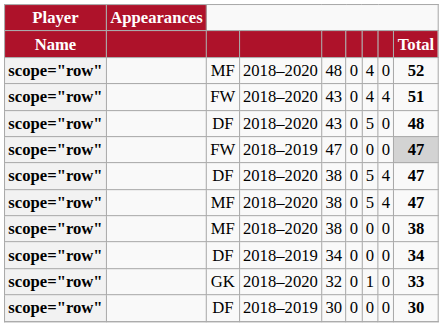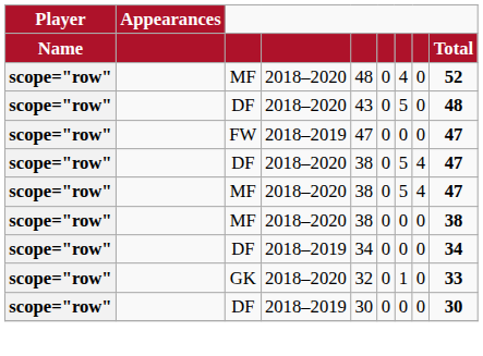 <table class="wikitable sortable" style="text-align:center;">
 <tr>
 <th style="background:#AE122A; color:#FFF; ">Player</th>
 <th style="background:#AE122A; color:#FFF; ">Appearances</th>
 </tr>
 <tr>
 <th style="background:#AE122A; color:#FFF; ">Name</th>
 <th style="background:#AE122A; color:#FFF; "></th>
 <th style="background:#AE122A; color:#FFF; "></th>
 <th style="background:#AE122A; color:#FFF; "></th>
 <th style="background:#AE122A; color:#FFF; "></th>
 <th style="background:#AE122A; color:#FFF; "></th>
 <th style="background:#AE122A; color:#FFF; "></th>
 <th style="background:#AE122A; color:#FFF; "></th>
 <th style="background:#AE122A; color:#FFF; ">Total</th>
 </tr>
 <tr>
 <th>scope="row" </th>
 <td></td>
 <td>MF</td>
 <td>2018–2020</td>
 <td>48</td>
 <td>0</td>
 <td>4</td>
 <td>0</td>
 <td><strong>52</strong></td>
 </tr>
 <tr>
 <th>scope="row" </th>
 <td></td>
-<td>FW</td>
-<td>2018–2020</td>
-<td>43</td>
-<td>0</td>
-<td>4</td>
-<td>4</td>
-<td><strong>51</strong></td>
-</tr>
-<tr>
-<th>scope="row" </th>
-<td></td>
 <td>DF</td>
 <td>2018–2020</td>
 <td>43</td>
 <td>0</td>
 <td>5</td>
 <td>0</td>
 <td><strong>48</strong></td>
 </tr>
 <tr>
 <th>scope="row" </th>
 <td></td>
 <td>FW</td>
 <td>2018–2019</td>
 <td>47</td>
 <td>0</td>
 <td>0</td>
 <td>0</td>
-<td style="background: lightgrey;"><strong>47</strong></td>
+<td><strong>47</strong></td>
 </tr>
 <tr>
 <th>scope="row" </th>
 <td></td>
 <td>DF</td>
 <td>2018–2020</td>
 <td>38</td>
 <td>0</td>
 <td>5</td>
 <td>4</td>
 <td><strong>47</strong></td>
 </tr>
 <tr>
 <th>scope="row" </th>
 <td></td>
 <td>MF</td>
 <td>2018–2020</td>
 <td>38</td>
 <td>0</td>
 <td>5</td>
 <td>4</td>
 <td><strong>47</strong></td>
 </tr>
 <tr>
 <th>scope="row" </th>
 <td></td>
 <td>MF</td>
 <td>2018–2020</td>
 <td>38</td>
 <td>0</td>
 <td>0</td>
 <td>0</td>
 <td><strong>38</strong></td>
 </tr>
 <tr>
 <th>scope="row" </th>
 <td></td>
 <td>DF</td>
 <td>2018–2019</td>
 <td>34</td>
 <td>0</td>
 <td>0</td>
 <td>0</td>
 <td><strong>34</strong></td>
 </tr>
 <tr>
 <th>scope="row" </th>
 <td></td>
 <td>GK</td>
 <td>2018–2020</td>
 <td>32</td>
 <td>0</td>
 <td>1</td>
 <td>0</td>
 <td><strong>33</strong></td>
 </tr>
 <tr>
 <th>scope="row" </th>
 <td></td>
 <td>DF</td>
 <td>2018–2019</td>
 <td>30</td>
 <td>0</td>
 <td>0</td>
 <td>0</td>
 <td><strong>30</strong></td>
 </tr>
 <tr>
 </tr>
 </table>
